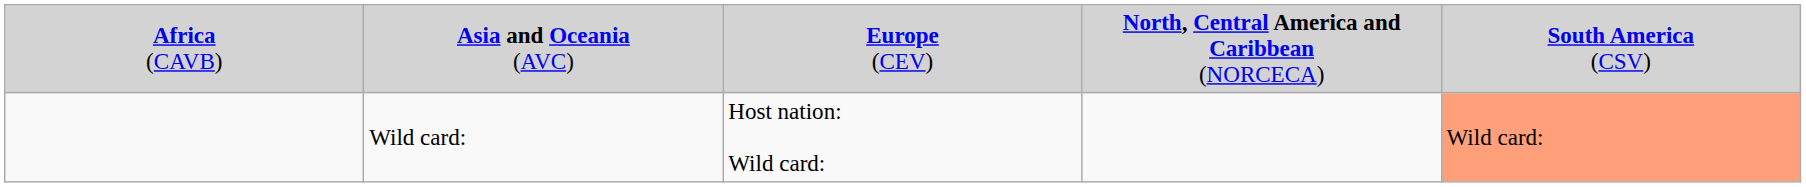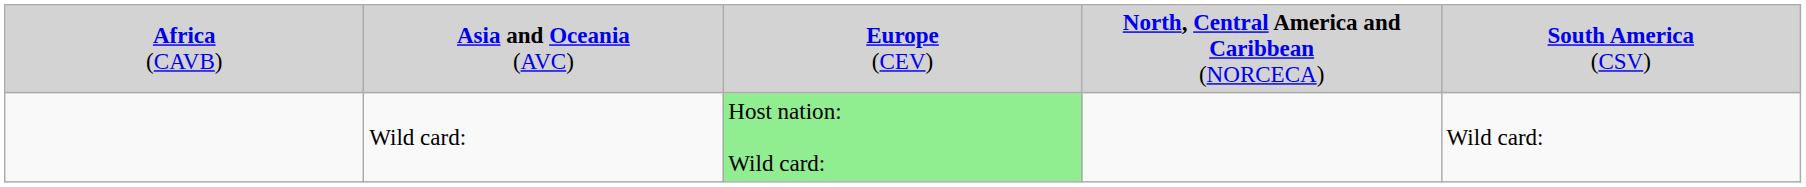 <table class="wikitable">
 <tr style="background:Lightgrey;">
 <td style="width:20%; text-align:center;"><strong><a href='#'>Africa</a></strong><br>(<a href='#'>CAVB</a>)</td>
 <td style="width:20%; text-align:center;"><strong><a href='#'>Asia</a> and <a href='#'>Oceania</a></strong><br>(<a href='#'>AVC</a>)</td>
 <td style="width:20%; text-align:center;"><strong><a href='#'>Europe</a></strong><br>(<a href='#'>CEV</a>)</td>
 <td style="width:20%; text-align:center;"><strong><a href='#'>North</a>, <a href='#'>Central</a> America and <a href='#'>Caribbean</a></strong><br>(<a href='#'>NORCECA</a>)</td>
 <td style="width:20%; text-align:center;"><strong><a href='#'>South America</a><br></strong>(<a href='#'>CSV</a>)</td>
 </tr>
 <tr>
 <td></td>
 <td>Wild card: <br></td>
-<td>Host nation: <br><br>Wild card: <br></td>
+<td style="background: lightgreen;">Host nation: <br><br>Wild card: <br></td>
 <td></td>
-<td style="background: lightsalmon;">Wild card: <br></td>
+<td>Wild card: <br></td>
 </tr>
 </table>
